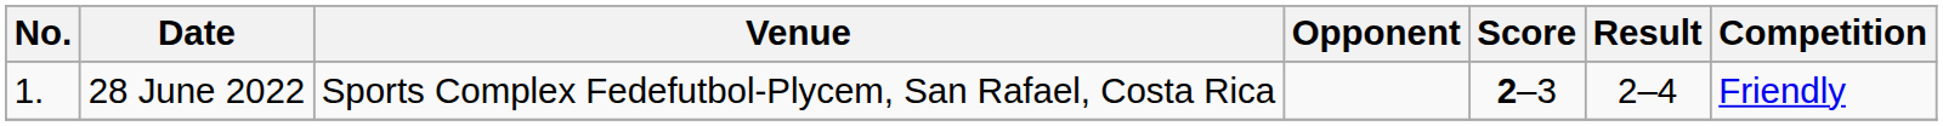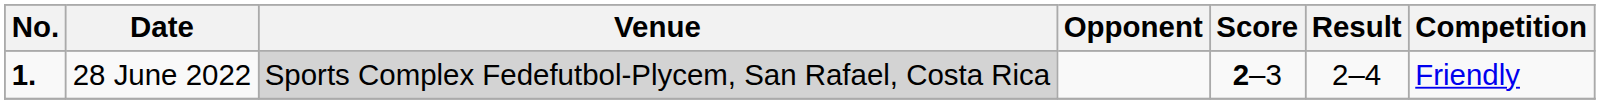 <table class="wikitable">
 <tr>
 <th>No.</th>
 <th>Date</th>
 <th>Venue</th>
 <th>Opponent</th>
 <th>Score</th>
 <th>Result</th>
 <th>Competition</th>
 </tr>
 <tr>
-<td>1.</td>
+<td><strong>1.</strong></td>
 <td>28 June 2022</td>
-<td>Sports Complex Fedefutbol-Plycem, San Rafael, Costa Rica</td>
+<td style="background: lightgrey;">Sports Complex Fedefutbol-Plycem, San Rafael, Costa Rica</td>
 <td></td>
 <td align=center><strong>2</strong>–3</td>
 <td align=center>2–4</td>
 <td><a href='#'>Friendly</a></td>
 </tr>
 <tr>
 </tr>
 </table>
